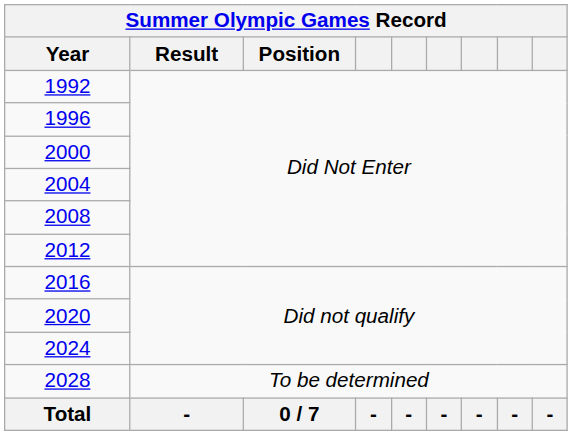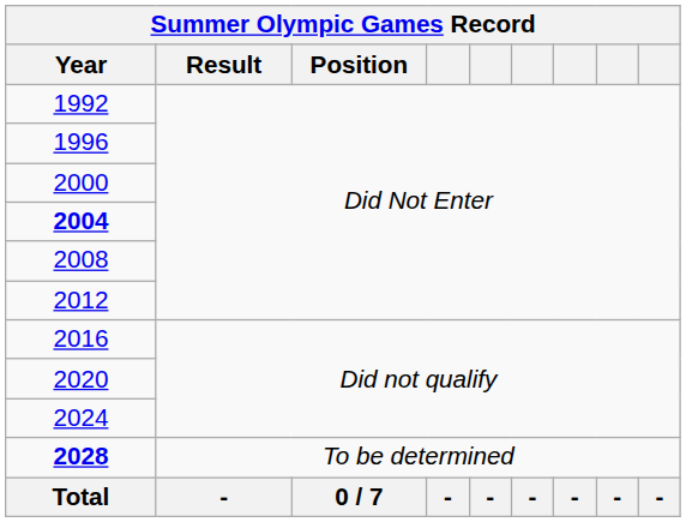 <table class="wikitable" style="text-align: center;">
 <tr>
 <th colspan=9><a href='#'>Summer Olympic Games</a> Record</th>
 </tr>
 <tr>
 <th width="90">Year</th>
 <th width="80">Result</th>
 <th width="80">Position</th>
 <th width="20"></th>
 <th width="20"></th>
 <th width="20"></th>
 <th width="20"></th>
 <th width="20"></th>
 <th width="20"></th>
 </tr>
 <tr>
 <td> <a href='#'>1992</a></td>
 <td rowspan=6 colspan=8><em>Did Not Enter</em></td>
 </tr>
 <tr>
 <td> <a href='#'>1996</a></td>
 </tr>
 <tr>
 <td> <a href='#'>2000</a></td>
 </tr>
 <tr>
-<td> <a href='#'>2004</a></td>
+<td><strong> <a href='#'>2004</a></strong></td>
 </tr>
 <tr>
 <td> <a href='#'>2008</a></td>
 </tr>
 <tr>
 <td> <a href='#'>2012</a></td>
 </tr>
 <tr>
 <td> <a href='#'>2016</a></td>
 <td rowspan=3 colspan=8><em>Did not qualify</em></td>
 </tr>
 <tr>
 <td> <a href='#'>2020</a></td>
 </tr>
 <tr>
 <td> <a href='#'>2024</a></td>
 </tr>
 <tr>
-<td> <a href='#'>2028</a></td>
+<td><strong> <a href='#'>2028</a></strong></td>
 <td colspan=8><em>To be determined</em></td>
 </tr>
 <tr>
 <th>Total</th>
 <th>-</th>
 <th>0 / 7</th>
 <th>-</th>
 <th>-</th>
 <th>-</th>
 <th>-</th>
 <th>-</th>
 <th>-</th>
 </tr>
 </table>
